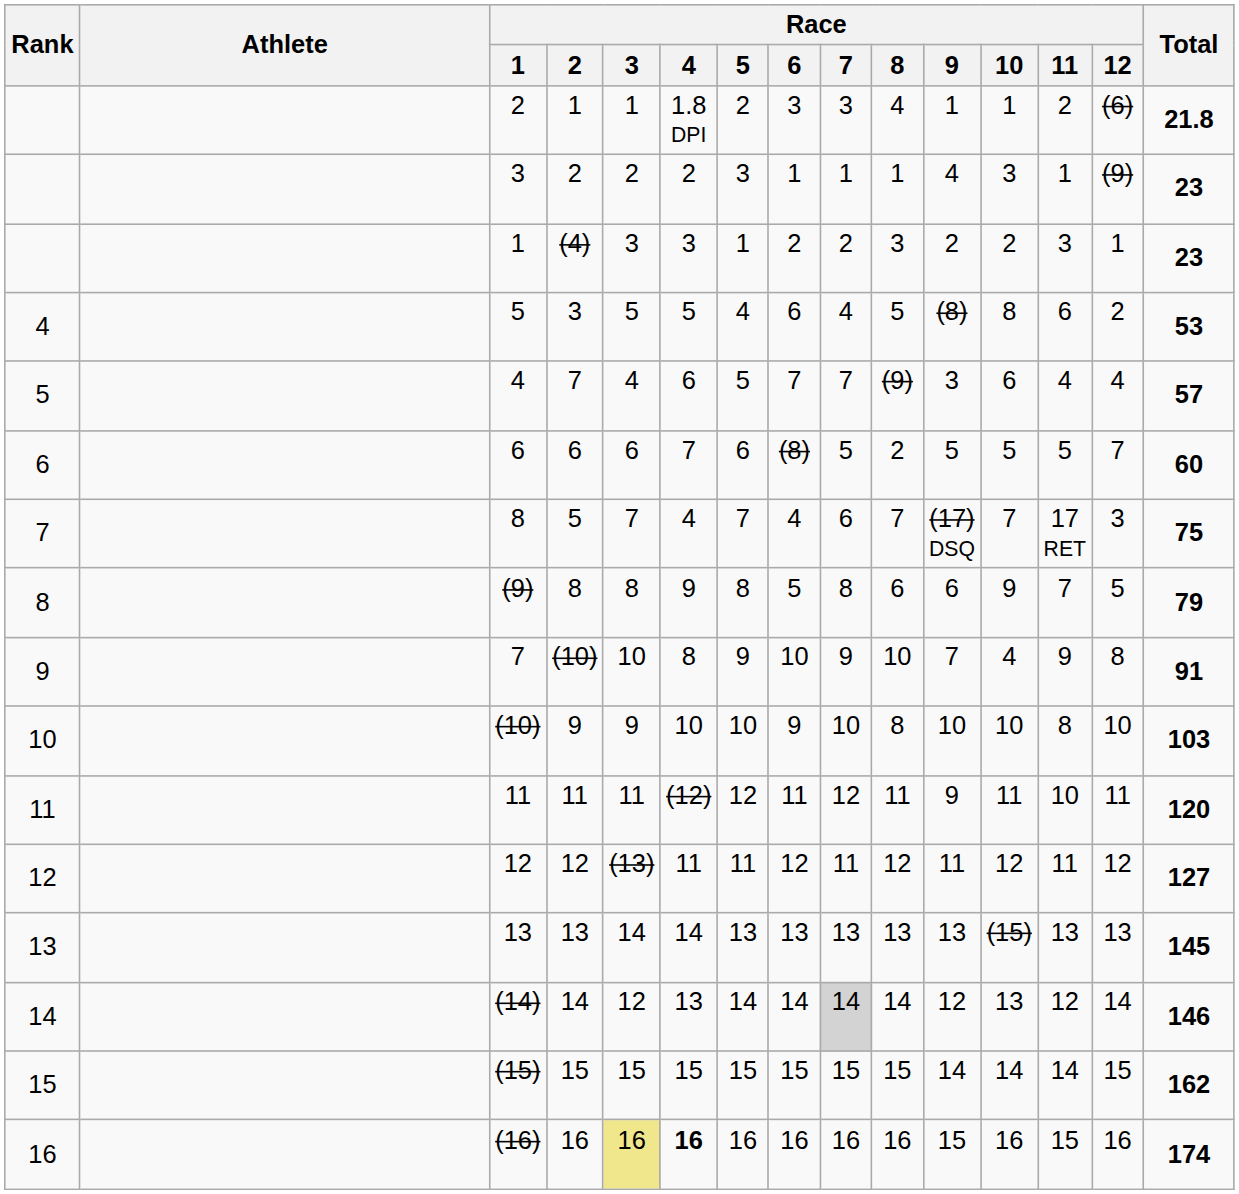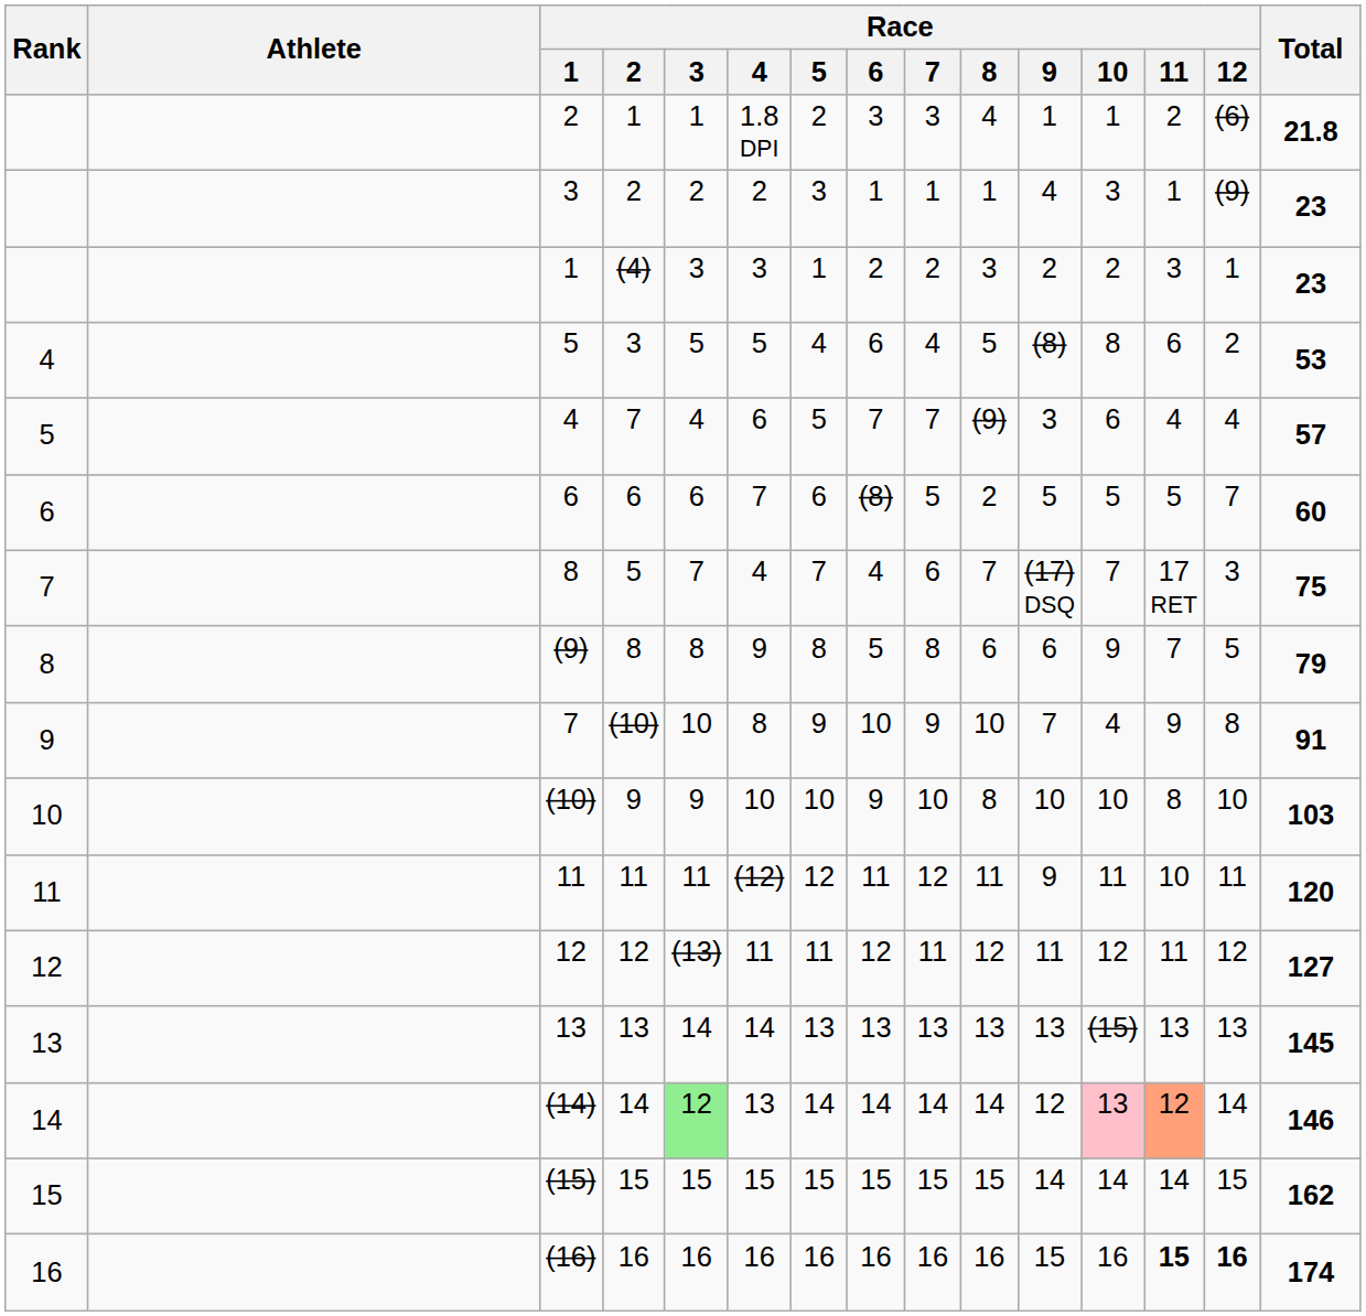 <table | class="wikitable" style="text-align:center">
 <tr>
 <th rowspan="2" width=40>Rank</th>
 <th rowspan="2" width=250>Athlete</th>
 <th colspan="12">Race</th>
 <th rowspan="2" width=50>Total</th>
 </tr>
 <tr>
 <th width=25>1</th>
 <th width=25>2</th>
 <th width=25>3</th>
 <th width=25>4</th>
 <th width=25>5</th>
 <th width=25>6</th>
 <th width=25>7</th>
 <th width=25>8</th>
 <th width=25>9</th>
 <th width=25>10</th>
 <th width=25>11</th>
 <th width=25>12</th>
 </tr>
 <tr>
 <td></td>
 <td align=left></td>
 <td>2<br> </td>
 <td>1<br> </td>
 <td>1<br> </td>
 <td>1.8<br><small>DPI</small></td>
 <td>2<br> </td>
 <td>3<br> </td>
 <td>3<br> </td>
 <td>4<br> </td>
 <td>1<br> </td>
 <td>1<br> </td>
 <td>2<br> </td>
 <td><s>(6)</s><br> </td>
 <td><strong>21.8</strong></td>
 </tr>
 <tr>
 <td></td>
 <td align=left></td>
 <td>3<br> </td>
 <td>2<br> </td>
 <td>2<br> </td>
 <td>2<br> </td>
 <td>3<br> </td>
 <td>1<br> </td>
 <td>1<br> </td>
 <td>1<br> </td>
 <td>4<br> </td>
 <td>3<br> </td>
 <td>1<br> </td>
 <td><s>(9)</s><br> </td>
 <td><strong>23</strong></td>
 </tr>
 <tr>
 <td></td>
 <td align=left></td>
 <td>1<br> </td>
 <td><s>(4)</s><br> </td>
 <td>3<br> </td>
 <td>3<br> </td>
 <td>1<br> </td>
 <td>2<br> </td>
 <td>2<br> </td>
 <td>3<br> </td>
 <td>2<br> </td>
 <td>2<br> </td>
 <td>3<br> </td>
 <td>1<br> </td>
 <td><strong>23</strong></td>
 </tr>
 <tr>
 <td>4</td>
 <td align=left></td>
 <td>5<br> </td>
 <td>3<br> </td>
 <td>5<br> </td>
 <td>5<br> </td>
 <td>4<br> </td>
 <td>6<br> </td>
 <td>4<br> </td>
 <td>5<br> </td>
 <td><s>(8)</s><br> </td>
 <td>8<br> </td>
 <td>6<br> </td>
 <td>2<br> </td>
 <td><strong>53</strong></td>
 </tr>
 <tr>
 <td>5</td>
 <td align=left></td>
 <td>4<br> </td>
 <td>7<br> </td>
 <td>4<br> </td>
 <td>6<br> </td>
 <td>5<br> </td>
 <td>7<br> </td>
 <td>7<br> </td>
 <td><s>(9)</s><br> </td>
 <td>3<br> </td>
 <td>6<br> </td>
 <td>4<br> </td>
 <td>4<br> </td>
 <td><strong>57</strong></td>
 </tr>
 <tr>
 <td>6</td>
 <td align=left></td>
 <td>6<br> </td>
 <td>6<br> </td>
 <td>6<br> </td>
 <td>7<br> </td>
 <td>6<br> </td>
 <td><s>(8)</s><br> </td>
 <td>5<br> </td>
 <td>2<br> </td>
 <td>5<br> </td>
 <td>5<br> </td>
 <td>5<br> </td>
 <td>7<br> </td>
 <td><strong>60</strong></td>
 </tr>
 <tr>
 <td>7</td>
 <td align=left></td>
 <td>8<br> </td>
 <td>5<br> </td>
 <td>7<br> </td>
 <td>4<br> </td>
 <td>7<br> </td>
 <td>4<br> </td>
 <td>6<br> </td>
 <td>7<br> </td>
 <td><s>(17)</s><br><small>DSQ</small></td>
 <td>7<br> </td>
 <td>17<br><small>RET</small></td>
 <td>3<br> </td>
 <td><strong>75</strong></td>
 </tr>
 <tr>
 <td>8</td>
 <td align=left></td>
 <td><s>(9)</s><br> </td>
 <td>8<br> </td>
 <td>8<br> </td>
 <td>9<br> </td>
 <td>8<br> </td>
 <td>5<br> </td>
 <td>8<br> </td>
 <td>6<br> </td>
 <td>6<br> </td>
 <td>9<br> </td>
 <td>7<br> </td>
 <td>5<br> </td>
 <td><strong>79</strong></td>
 </tr>
 <tr>
 <td>9</td>
 <td align=left></td>
 <td>7<br> </td>
 <td><s>(10)</s><br> </td>
 <td>10<br> </td>
 <td>8<br> </td>
 <td>9<br> </td>
 <td>10<br> </td>
 <td>9<br> </td>
 <td>10<br> </td>
 <td>7<br> </td>
 <td>4<br> </td>
 <td>9<br> </td>
 <td>8<br> </td>
 <td><strong>91</strong></td>
 </tr>
 <tr>
 <td>10</td>
 <td align=left></td>
 <td><s>(10)</s><br> </td>
 <td>9<br> </td>
 <td>9<br> </td>
 <td>10<br> </td>
 <td>10<br> </td>
 <td>9<br> </td>
 <td>10<br> </td>
 <td>8<br> </td>
 <td>10<br> </td>
 <td>10<br> </td>
 <td>8<br> </td>
 <td>10<br> </td>
 <td><strong>103</strong></td>
 </tr>
 <tr>
 <td>11</td>
 <td align=left></td>
 <td>11<br> </td>
 <td>11<br> </td>
 <td>11<br> </td>
 <td><s>(12)</s><br> </td>
 <td>12<br> </td>
 <td>11<br> </td>
 <td>12<br> </td>
 <td>11<br> </td>
 <td>9<br> </td>
 <td>11<br> </td>
 <td>10<br> </td>
 <td>11<br> </td>
 <td><strong>120</strong></td>
 </tr>
 <tr>
 <td>12</td>
 <td align=left></td>
 <td>12<br> </td>
 <td>12<br> </td>
 <td><s>(13)</s><br> </td>
 <td>11<br> </td>
 <td>11<br> </td>
 <td>12<br> </td>
 <td>11<br> </td>
 <td>12<br> </td>
 <td>11<br> </td>
 <td>12<br> </td>
 <td>11<br> </td>
 <td>12<br> </td>
 <td><strong>127</strong></td>
 </tr>
 <tr>
 <td>13</td>
 <td align=left></td>
 <td>13<br> </td>
 <td>13<br> </td>
 <td>14<br> </td>
 <td>14<br> </td>
 <td>13<br> </td>
 <td>13<br> </td>
 <td>13<br> </td>
 <td>13<br> </td>
 <td>13<br> </td>
 <td><s>(15)</s><br> </td>
 <td>13<br> </td>
 <td>13<br> </td>
 <td><strong>145</strong></td>
 </tr>
 <tr>
 <td>14</td>
 <td align=left></td>
 <td><s>(14)</s><br> </td>
 <td>14<br> </td>
-<td>12<br> </td>
+<td style="background: lightgreen;">12<br> </td>
 <td>13<br> </td>
 <td>14<br> </td>
 <td>14<br> </td>
-<td style="background: lightgrey;">14<br> </td>
+<td>14<br> </td>
 <td>14<br> </td>
 <td>12<br> </td>
-<td>13<br> </td>
-<td>12<br> </td>
+<td style="background: pink;">13<br> </td>
+<td style="background: lightsalmon;">12<br> </td>
 <td>14<br> </td>
 <td><strong>146</strong></td>
 </tr>
 <tr>
 <td>15</td>
 <td align=left></td>
 <td><s>(15)</s><br> </td>
 <td>15<br> </td>
 <td>15<br> </td>
 <td>15<br> </td>
 <td>15<br> </td>
 <td>15<br> </td>
 <td>15<br> </td>
 <td>15<br> </td>
 <td>14<br> </td>
 <td>14<br> </td>
 <td>14<br> </td>
 <td>15<br> </td>
 <td><strong>162</strong></td>
 </tr>
 <tr>
 <td>16</td>
 <td align=left></td>
 <td><s>(16)</s><br> </td>
 <td>16<br> </td>
-<td style="background: khaki;">16<br> </td>
-<td><strong>16<br> </strong></td>
+<td>16<br> </td>
+<td>16<br> </td>
 <td>16<br> </td>
 <td>16<br> </td>
 <td>16<br> </td>
 <td>16<br> </td>
 <td>15<br> </td>
 <td>16<br> </td>
-<td>15<br> </td>
-<td>16<br> </td>
+<td><strong>15<br> </strong></td>
+<td><strong>16<br> </strong></td>
 <td><strong>174</strong></td>
 </tr>
 </table>
